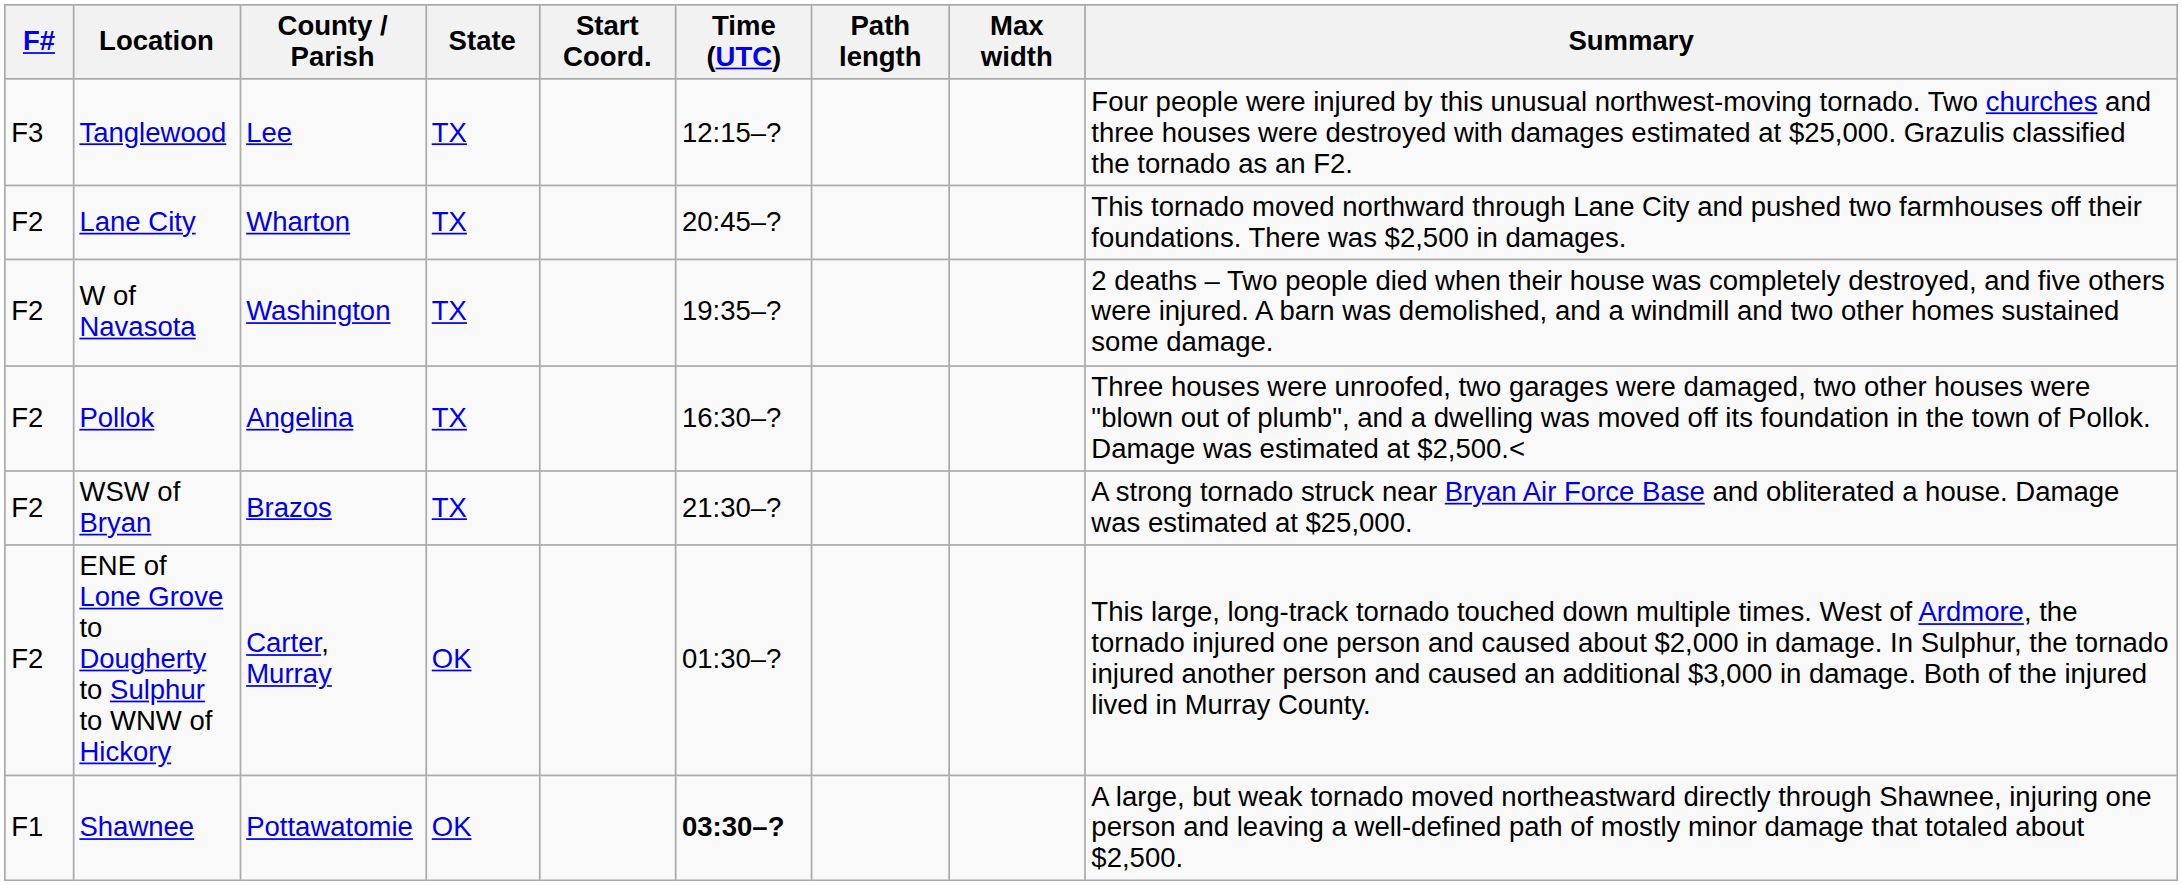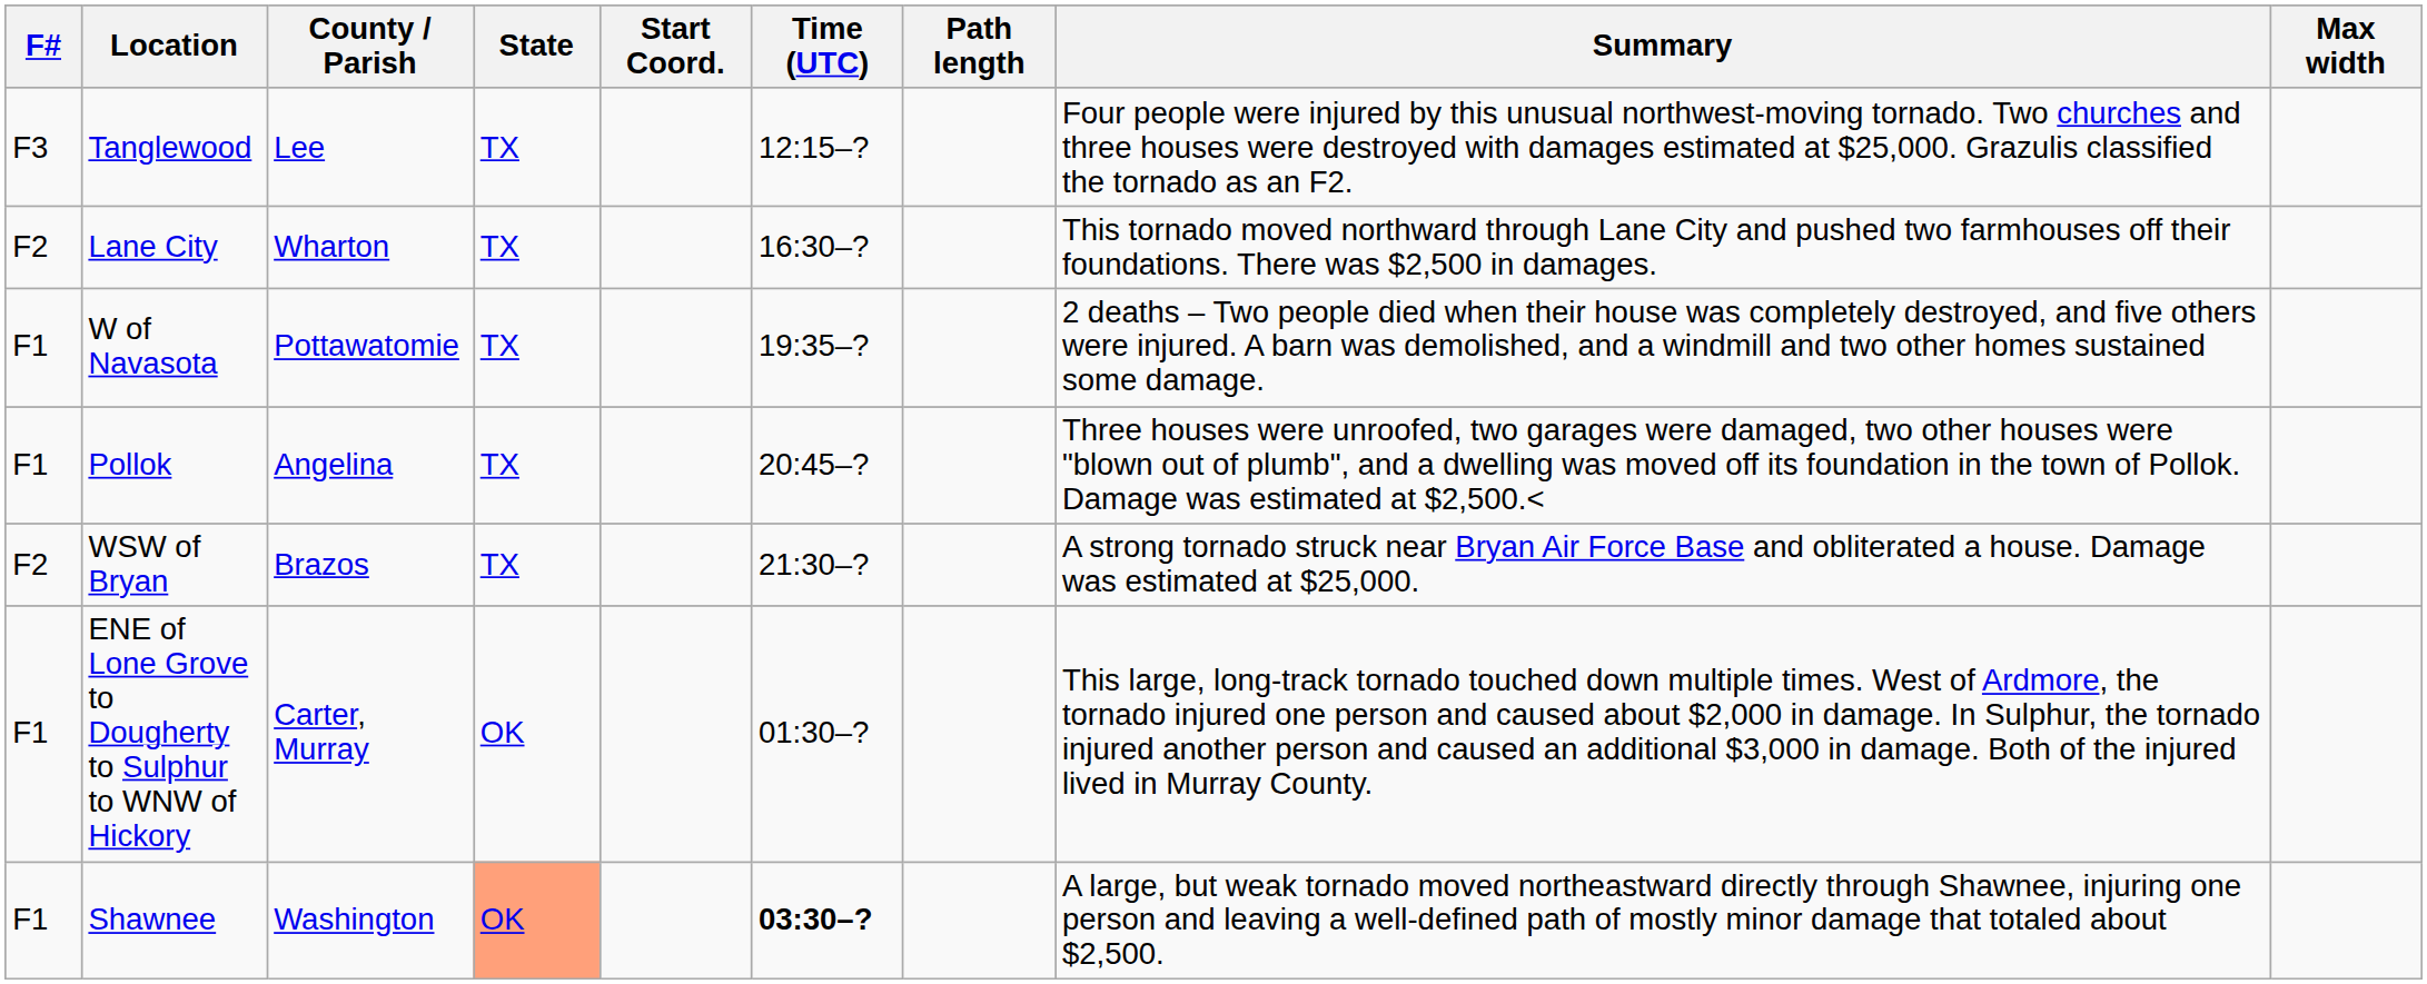 <table class="wikitable sortable" style="width:100%;">
 <tr>
 <th scope="col"  style="width:3%; text-align:center;"><a href='#'>F#</a></th>
 <th scope="col"  style="width:7%; text-align:center;" class="unsortable">Location</th>
 <th scope="col"  style="width:6%; text-align:center;" class="unsortable">County / Parish</th>
 <th scope="col"  style="width:5%; text-align:center;">State</th>
 <th scope="col"  style="width:6%; text-align:center;">Start Coord.</th>
 <th scope="col"  style="width:6%; text-align:center;">Time (<a href='#'>UTC</a>)</th>
 <th scope="col"  style="width:6%; text-align:center;">Path length</th>
+<th scope="col" class="unsortable" style="width:48%; text-align:center;">Summary</th>
 <th scope="col"  style="width:6%; text-align:center;">Max width</th>
-<th scope="col" class="unsortable" style="width:48%; text-align:center;">Summary</th>
 </tr>
 <tr>
 <td>F3</td>
 <td><a href='#'>Tanglewood</a></td>
 <td><a href='#'>Lee</a></td>
 <td><a href='#'>TX</a></td>
 <td></td>
 <td>12:15–?</td>
 <td></td>
+<td>Four people were injured by this unusual northwest-moving tornado. Two <a href='#'>churches</a> and three houses were destroyed with damages estimated at $25,000. Grazulis classified the tornado as an F2.</td>
 <td></td>
-<td>Four people were injured by this unusual northwest-moving tornado. Two <a href='#'>churches</a> and three houses were destroyed with damages estimated at $25,000. Grazulis classified the tornado as an F2.</td>
 </tr>
 <tr>
 <td>F2</td>
 <td><a href='#'>Lane City</a></td>
 <td><a href='#'>Wharton</a></td>
 <td><a href='#'>TX</a></td>
 <td></td>
-<td>20:45–?</td>
-<td></td>
+<td>16:30–?</td>
 <td></td>
 <td>This tornado moved northward through Lane City and pushed two farmhouses off their foundations. There was $2,500 in damages.</td>
+<td></td>
 </tr>
 <tr>
-<td>F2</td>
+<td>F1</td>
 <td>W of <a href='#'>Navasota</a></td>
-<td><a href='#'>Washington</a></td>
+<td><a href='#'>Pottawatomie</a></td>
 <td><a href='#'>TX</a></td>
 <td></td>
 <td>19:35–?</td>
 <td></td>
+<td>2 deaths – Two people died when their house was completely destroyed, and five others were injured. A barn was demolished, and a windmill and two other homes sustained some damage.</td>
 <td></td>
-<td>2 deaths – Two people died when their house was completely destroyed, and five others were injured. A barn was demolished, and a windmill and two other homes sustained some damage.</td>
 </tr>
 <tr>
-<td>F2</td>
+<td>F1</td>
 <td><a href='#'>Pollok</a></td>
 <td><a href='#'>Angelina</a></td>
 <td><a href='#'>TX</a></td>
 <td></td>
-<td>16:30–?</td>
-<td></td>
+<td>20:45–?</td>
 <td></td>
 <td>Three houses were unroofed, two garages were damaged, two other houses were "blown out of plumb", and a dwelling was moved off its foundation in the town of Pollok. Damage was estimated at $2,500.<</td>
+<td></td>
 </tr>
 <tr>
 <td>F2</td>
 <td>WSW of <a href='#'>Bryan</a></td>
 <td><a href='#'>Brazos</a></td>
 <td><a href='#'>TX</a></td>
 <td></td>
 <td>21:30–?</td>
 <td></td>
+<td>A strong tornado struck near <a href='#'>Bryan Air Force Base</a> and obliterated a house. Damage was estimated at $25,000.</td>
 <td></td>
-<td>A strong tornado struck near <a href='#'>Bryan Air Force Base</a> and obliterated a house. Damage was estimated at $25,000.</td>
 </tr>
 <tr>
-<td>F2</td>
+<td>F1</td>
 <td>ENE of <a href='#'>Lone Grove</a> to <a href='#'>Dougherty</a> to <a href='#'>Sulphur</a> to WNW of <a href='#'>Hickory</a></td>
 <td><a href='#'>Carter</a>, <a href='#'>Murray</a></td>
 <td><a href='#'>OK</a></td>
 <td></td>
 <td>01:30–?</td>
 <td></td>
+<td>This large, long-track tornado touched down multiple times. West of <a href='#'>Ardmore</a>, the tornado injured one person and caused about $2,000 in damage. In Sulphur, the tornado injured another person and caused an additional $3,000 in damage. Both of the injured lived in Murray County.</td>
 <td></td>
-<td>This large, long-track tornado touched down multiple times. West of <a href='#'>Ardmore</a>, the tornado injured one person and caused about $2,000 in damage. In Sulphur, the tornado injured another person and caused an additional $3,000 in damage. Both of the injured lived in Murray County.</td>
 </tr>
 <tr>
 <td>F1</td>
 <td><a href='#'>Shawnee</a></td>
-<td><a href='#'>Pottawatomie</a></td>
-<td><a href='#'>OK</a></td>
+<td><a href='#'>Washington</a></td>
+<td style="background: lightsalmon;"><a href='#'>OK</a></td>
 <td></td>
 <td><strong>03:30–?</strong></td>
 <td></td>
+<td>A large, but weak tornado moved northeastward directly through Shawnee, injuring one person and leaving a well-defined path of mostly minor damage that totaled about $2,500.</td>
 <td></td>
-<td>A large, but weak tornado moved northeastward directly through Shawnee, injuring one person and leaving a well-defined path of mostly minor damage that totaled about $2,500.</td>
 </tr>
 </table>
